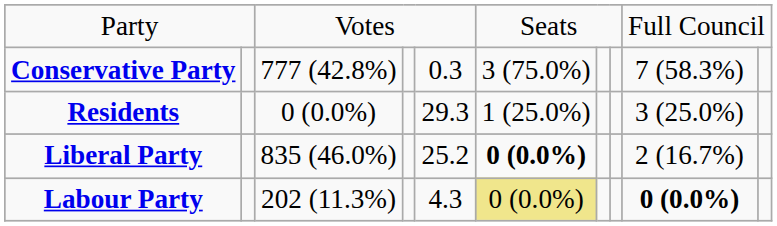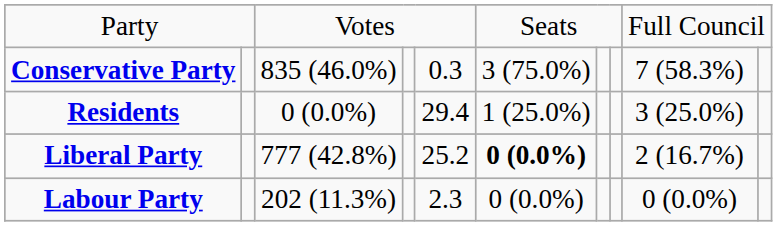 <table class=wikitable style="text-align:center;">
 <tr>
 <td colspan=2>Party</td>
 <td colspan=3>Votes</td>
 <td colspan=3>Seats</td>
 <td colspan=3>Full Council</td>
 </tr>
 <tr>
 <td><strong><a href='#'>Conservative Party</a></strong></td>
 <td style="background:"></td>
-<td>777 (42.8%)</td>
+<td>835 (46.0%)</td>
 <td></td>
 <td> 0.3</td>
 <td>3 (75.0%)</td>
 <td></td>
 <td></td>
 <td>7 (58.3%)</td>
 <td></td>
 </tr>
 <tr>
 <td><strong><a href='#'>Residents</a></strong></td>
 <td style="background:"></td>
 <td>0 (0.0%)</td>
 <td></td>
-<td> 29.3</td>
+<td> 29.4</td>
 <td>1 (25.0%)</td>
 <td></td>
 <td></td>
 <td>3 (25.0%)</td>
 <td></td>
 </tr>
 <tr>
 <td><strong><a href='#'>Liberal Party</a></strong></td>
 <td style="background:"></td>
-<td>835 (46.0%)</td>
+<td>777 (42.8%)</td>
 <td></td>
 <td> 25.2</td>
 <td><strong>0 (0.0%)</strong></td>
 <td></td>
 <td></td>
 <td>2 (16.7%)</td>
 <td></td>
 </tr>
 <tr>
 <td><strong><a href='#'>Labour Party</a></strong></td>
 <td style="background:"></td>
 <td>202 (11.3%)</td>
 <td></td>
-<td> 4.3</td>
-<td style="background: khaki;">0 (0.0%)</td>
+<td> 2.3</td>
+<td>0 (0.0%)</td>
 <td></td>
 <td></td>
-<td><strong>0 (0.0%)</strong></td>
+<td>0 (0.0%)</td>
 <td></td>
 </tr>
 </table>
